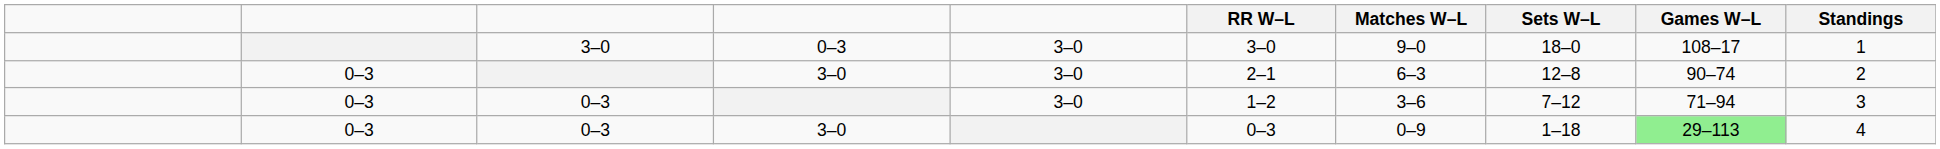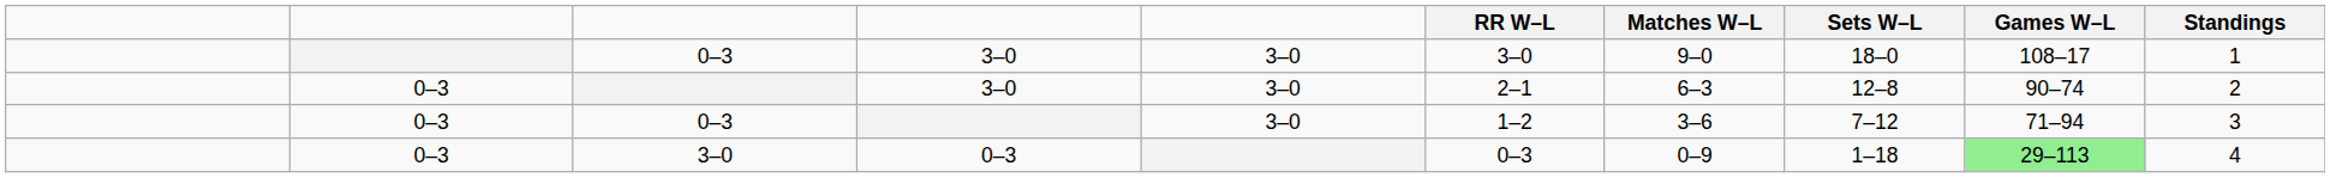 <table class="wikitable" style="width: 100%; text-align:center; font-size:90%">
 <tr>
 <td width=130></td>
 <td width=130></td>
 <td width=130></td>
 <td width=130></td>
 <td width=130></td>
 <th width=80>RR W–L</th>
 <th width=80>Matches W–L</th>
 <th width=80>Sets W–L</th>
 <th width=80>Games W–L</th>
 <th width=80>Standings</th>
 </tr>
 <tr>
 <td style="text-align:left;"></td>
 <th bgcolor="ededed"></th>
+<td>0–3</td>
 <td>3–0</td>
-<td>0–3</td>
 <td>3–0</td>
 <td>3–0</td>
 <td>9–0</td>
 <td>18–0</td>
 <td>108–17</td>
 <td>1</td>
 </tr>
 <tr>
 <td style="text-align:left;"></td>
 <td>0–3</td>
 <th bgcolor="ededed"></th>
 <td>3–0</td>
 <td>3–0</td>
 <td>2–1</td>
 <td>6–3</td>
 <td>12–8</td>
 <td>90–74</td>
 <td>2</td>
 </tr>
 <tr>
 <td style="text-align:left;"></td>
 <td>0–3</td>
 <td>0–3</td>
 <th bgcolor="ededed"></th>
 <td>3–0</td>
 <td>1–2</td>
 <td>3–6</td>
 <td>7–12</td>
 <td>71–94</td>
 <td>3</td>
 </tr>
 <tr>
 <td style="text-align:left;"></td>
 <td>0–3</td>
+<td>3–0</td>
 <td>0–3</td>
-<td>3–0</td>
 <th bgcolor="ededed"></th>
 <td>0–3</td>
 <td>0–9</td>
 <td>1–18</td>
 <td style="background: lightgreen;">29–113</td>
 <td>4</td>
 </tr>
 </table>
